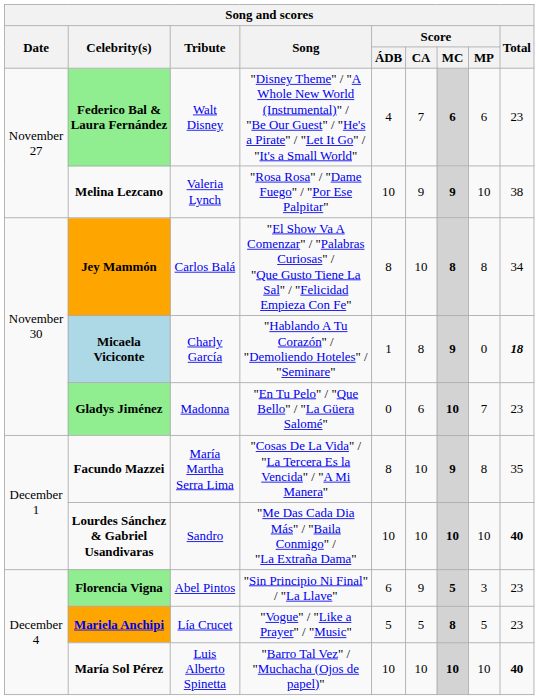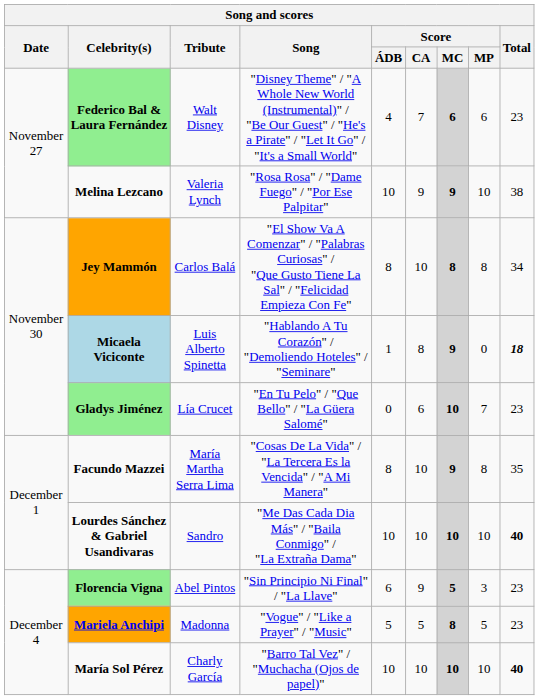 <table class="wikitable collapsible collapsed" style="font-size:95%; text-align: center; width: 100%;">
 <tr>
 <th colspan="11" style="with: 100%;" align=center>Song and scores</th>
 </tr>
 <tr>
 <th rowspan="2">Date</th>
 <th rowspan="2">Celebrity(s)</th>
 <th rowspan="2">Tribute</th>
 <th rowspan="2">Song</th>
 <th colspan="4">Score</th>
 <th rowspan="2">Total</th>
 </tr>
 <tr>
 <th width=30>ÁDB</th>
 <th width=30>CA</th>
 <th width=30>MC</th>
 <th width=30>MP</th>
 </tr>
 <tr>
 <td rowspan="2">November 27</td>
 <td bgcolor="lightgreen"><strong>Federico Bal & Laura Fernández</strong></td>
 <td style="text-align:center;"><a href='#'>Walt Disney</a></td>
 <td>"<a href='#'>Disney Theme</a>" / "<a href='#'>A Whole New World (Instrumental)</a>" /<br> "<a href='#'>Be Our Guest</a>" / "<a href='#'>He's a Pirate</a>" / "<a href='#'>Let It Go</a>" / "<a href='#'>It's a Small World</a>"</td>
 <td>4</td>
 <td>7</td>
 <td bgcolor="lightgrey"><strong>6</strong></td>
 <td>6</td>
 <td>23</td>
 </tr>
 <tr>
 <td bgcolor=""><strong>Melina Lezcano</strong></td>
 <td style="text-align:center;"><a href='#'>Valeria Lynch</a></td>
 <td>"<a href='#'>Rosa Rosa</a>" / "<a href='#'>Dame Fuego</a>" / "<a href='#'>Por Ese Palpitar</a>"</td>
 <td>10</td>
 <td>9</td>
 <td bgcolor="lightgrey"><strong>9</strong></td>
 <td>10</td>
 <td>38</td>
 </tr>
 <tr>
 <td rowspan="3">November 30</td>
 <td bgcolor="orange"><strong>Jey Mammón</strong></td>
 <td style="text-align:center;"><a href='#'>Carlos Balá</a></td>
 <td>"<a href='#'>El Show Va A Comenzar</a>" / "<a href='#'>Palabras Curiosas</a>" /<br> "<a href='#'>Que Gusto Tiene La Sal</a>" / "<a href='#'>Felicidad Empieza Con Fe</a>"</td>
 <td>8</td>
 <td>10</td>
 <td bgcolor="lightgrey"><strong>8</strong></td>
 <td>8</td>
 <td>34</td>
 </tr>
 <tr>
 <td bgcolor="lightblue"><strong>Micaela Viciconte</strong></td>
-<td style="text-align:center;"><a href='#'>Charly García</a></td>
+<td style="text-align:center;"><a href='#'>Luis Alberto Spinetta</a></td>
 <td>"<a href='#'>Hablando A Tu Corazón</a>" / "<a href='#'>Demoliendo Hoteles</a>" / "<a href='#'>Seminare</a>"</td>
 <td>1</td>
 <td>8</td>
 <td bgcolor="lightgrey"><strong>9</strong></td>
 <td>0</td>
 <td><span><strong><em>18</em></strong></span></td>
 </tr>
 <tr>
 <td bgcolor="lightgreen"><strong>Gladys Jiménez</strong></td>
-<td style="text-align:center;"><a href='#'>Madonna</a></td>
+<td style="text-align:center;"><a href='#'>Lía Crucet</a></td>
 <td>"<a href='#'>En Tu Pelo</a>" / "<a href='#'>Que Bello</a>" / "<a href='#'>La Güera Salomé</a>"</td>
 <td>0</td>
 <td>6</td>
 <td bgcolor="lightgrey"><strong>10</strong></td>
 <td>7</td>
 <td>23</td>
 </tr>
 <tr>
 <td rowspan="2">December 1</td>
 <td bgcolor=""><strong>Facundo Mazzei</strong></td>
 <td style="text-align:center;"><a href='#'>María Martha Serra Lima</a></td>
 <td>"<a href='#'>Cosas De La Vida</a>" / "<a href='#'>La Tercera Es la Vencida</a>" / "<a href='#'>A Mi Manera</a>"</td>
 <td>8</td>
 <td>10</td>
 <td bgcolor="lightgrey"><strong>9</strong></td>
 <td>8</td>
 <td>35</td>
 </tr>
 <tr>
 <td bgcolor=""><strong>Lourdes Sánchez & Gabriel Usandivaras</strong></td>
 <td style="text-align:center;"><a href='#'>Sandro</a></td>
 <td>"<a href='#'>Me Das Cada Dia Más</a>" / "<a href='#'>Baila Conmigo</a>" /<br> "<a href='#'>La Extraña Dama</a>"</td>
 <td>10</td>
 <td>10</td>
 <td bgcolor="lightgrey"><strong>10</strong></td>
 <td>10</td>
 <td><span><strong>40</strong></span></td>
 </tr>
 <tr>
 <td rowspan="3">December 4</td>
 <td bgcolor="lightgreen"><strong>Florencia Vigna</strong></td>
 <td style="text-align:center;"><a href='#'>Abel Pintos</a></td>
 <td>"<a href='#'>Sin Principio Ni Final</a>" / "<a href='#'>La Llave</a>"</td>
 <td>6</td>
 <td>9</td>
 <td bgcolor="lightgrey"><strong>5</strong></td>
 <td>3</td>
 <td>23</td>
 </tr>
 <tr>
 <td bgcolor="orange"><strong><a href='#'>Mariela Anchipi</a></strong></td>
-<td style="text-align:center;"><a href='#'>Lía Crucet</a></td>
+<td style="text-align:center;"><a href='#'>Madonna</a></td>
 <td>"<a href='#'>Vogue</a>" / "<a href='#'>Like a Prayer</a>" / "<a href='#'>Music</a>"</td>
 <td>5</td>
 <td>5</td>
 <td bgcolor="lightgrey"><strong>8</strong></td>
 <td>5</td>
 <td>23</td>
 </tr>
 <tr>
 <td bgcolor=""><strong>María Sol Pérez</strong></td>
-<td style="text-align:center;"><a href='#'>Luis Alberto Spinetta</a></td>
+<td style="text-align:center;"><a href='#'>Charly García</a></td>
 <td>"<a href='#'>Barro Tal Vez</a>" / "<a href='#'>Muchacha (Ojos de papel)</a>"</td>
 <td>10</td>
 <td>10</td>
 <td bgcolor="lightgrey"><strong>10</strong></td>
 <td>10</td>
 <td><span><strong>40</strong></span></td>
 </tr>
 </table>
